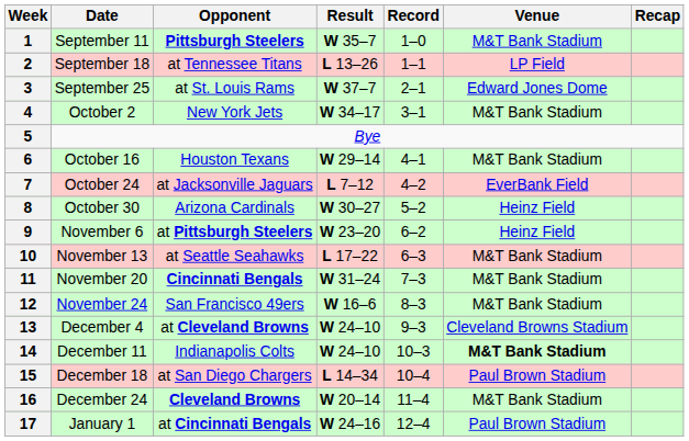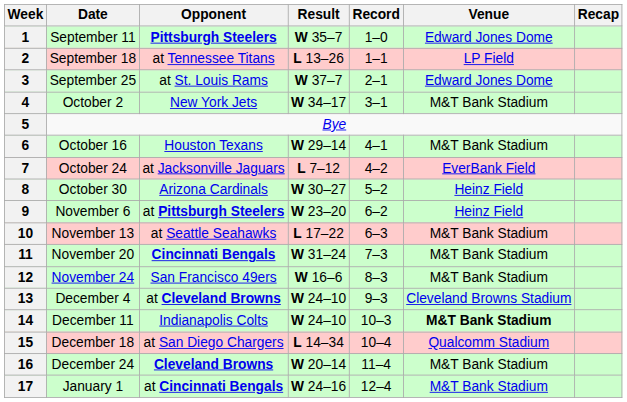 <table class="wikitable" style="text-align:center">
 <tr>
 <th>Week</th>
 <th>Date</th>
 <th>Opponent</th>
 <th>Result</th>
 <th>Record</th>
 <th>Venue</th>
 <th>Recap</th>
 </tr>
 <tr style="background:#cfc; text-align:center;">
 <th>1</th>
 <td>September 11</td>
 <td><strong><a href='#'>Pittsburgh Steelers</a></strong></td>
 <td><strong>W</strong> 35–7</td>
 <td>1–0</td>
-<td><a href='#'>M&T Bank Stadium</a></td>
+<td><a href='#'>Edward Jones Dome</a></td>
 <td></td>
 </tr>
 <tr style="background:#fcc; text-align:center;">
 <th>2</th>
 <td>September 18</td>
 <td>at <a href='#'>Tennessee Titans</a></td>
 <td><strong>L</strong> 13–26</td>
 <td>1–1</td>
 <td><a href='#'>LP Field</a></td>
 <td></td>
 </tr>
 <tr style="background:#cfc; text-align:center;">
 <th>3</th>
 <td>September 25</td>
 <td>at <a href='#'>St. Louis Rams</a></td>
 <td><strong>W</strong> 37–7</td>
 <td>2–1</td>
 <td><a href='#'>Edward Jones Dome</a></td>
 <td></td>
 </tr>
 <tr style="background:#cfc; text-align:center;">
 <th>4</th>
 <td>October 2</td>
 <td><a href='#'>New York Jets</a></td>
 <td><strong>W</strong> 34–17</td>
 <td>3–1</td>
 <td>M&T Bank Stadium</td>
 <td></td>
 </tr>
 <tr>
 <th>5</th>
 <td colspan="8" style="text-align:center;"><em><a href='#'>Bye</a></em></td>
 </tr>
 <tr style="background:#cfc; text-align:center;">
 <th>6</th>
 <td>October 16</td>
 <td><a href='#'>Houston Texans</a></td>
 <td><strong>W</strong> 29–14</td>
 <td>4–1</td>
 <td>M&T Bank Stadium</td>
 <td></td>
 </tr>
 <tr style="background:#fcc; text-align:center;">
 <th>7</th>
 <td>October 24</td>
 <td>at <a href='#'>Jacksonville Jaguars</a></td>
 <td><strong>L</strong> 7–12</td>
 <td>4–2</td>
 <td><a href='#'>EverBank Field</a></td>
 <td></td>
 </tr>
 <tr style="background:#cfc; text-align:center;">
 <th>8</th>
 <td>October 30</td>
 <td><a href='#'>Arizona Cardinals</a></td>
 <td><strong>W</strong> 30–27</td>
 <td>5–2</td>
 <td><a href='#'>Heinz Field</a></td>
 <td></td>
 </tr>
 <tr style="background:#cfc; text-align:center;">
 <th>9</th>
 <td>November 6</td>
 <td>at <strong><a href='#'>Pittsburgh Steelers</a></strong></td>
 <td><strong>W</strong> 23–20</td>
 <td>6–2</td>
 <td><a href='#'>Heinz Field</a></td>
 <td></td>
 </tr>
 <tr style="background:#fcc; text-align:center;">
 <th>10</th>
 <td>November 13</td>
 <td>at <a href='#'>Seattle Seahawks</a></td>
 <td><strong>L</strong> 17–22</td>
 <td>6–3</td>
 <td>M&T Bank Stadium</td>
 <td></td>
 </tr>
 <tr style="background:#cfc; text-align:center;">
 <th>11</th>
 <td>November 20</td>
 <td><strong><a href='#'>Cincinnati Bengals</a></strong></td>
 <td><strong>W</strong> 31–24</td>
 <td>7–3</td>
 <td>M&T Bank Stadium</td>
 <td></td>
 </tr>
 <tr style="background:#cfc; text-align:center;">
 <th>12</th>
 <td><a href='#'>November 24</a></td>
 <td><a href='#'>San Francisco 49ers</a></td>
 <td><strong>W</strong> 16–6</td>
 <td>8–3</td>
 <td>M&T Bank Stadium</td>
 <td></td>
 </tr>
 <tr style="background:#cfc; text-align:center;">
 <th>13</th>
 <td>December 4</td>
 <td>at <strong><a href='#'>Cleveland Browns</a></strong></td>
 <td><strong>W</strong> 24–10</td>
 <td>9–3</td>
 <td><a href='#'>Cleveland Browns Stadium</a></td>
 <td></td>
 </tr>
 <tr style="background:#cfc; text-align:center;">
 <th>14</th>
 <td>December 11</td>
 <td><a href='#'>Indianapolis Colts</a></td>
 <td><strong>W</strong> 24–10</td>
 <td>10–3</td>
 <td><strong>M&T Bank Stadium</strong></td>
 <td></td>
 </tr>
 <tr style="background:#fcc; text-align:center;">
 <th>15</th>
 <td>December 18</td>
 <td>at <a href='#'>San Diego Chargers</a></td>
 <td><strong>L</strong> 14–34</td>
 <td>10–4</td>
-<td><a href='#'>Paul Brown Stadium</a></td>
+<td><a href='#'>Qualcomm Stadium</a></td>
 <td></td>
 </tr>
 <tr style="background:#cfc; text-align:center;">
 <th>16</th>
 <td>December 24</td>
 <td><strong><a href='#'>Cleveland Browns</a></strong></td>
 <td><strong>W</strong> 20–14</td>
 <td>11–4</td>
 <td>M&T Bank Stadium</td>
 <td></td>
 </tr>
 <tr style="background:#cfc; text-align:center;">
 <th>17</th>
 <td>January 1</td>
 <td>at <strong><a href='#'>Cincinnati Bengals</a></strong></td>
 <td><strong>W</strong> 24–16</td>
 <td>12–4</td>
-<td><a href='#'>Paul Brown Stadium</a></td>
+<td><a href='#'>M&T Bank Stadium</a></td>
 <td></td>
 </tr>
 </table>
